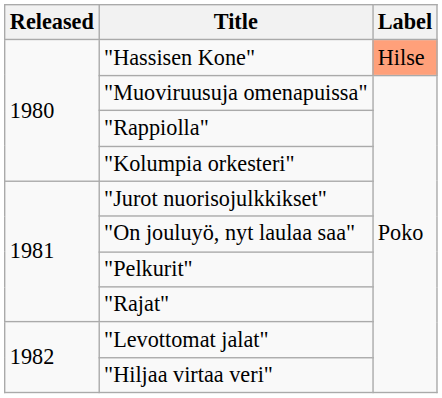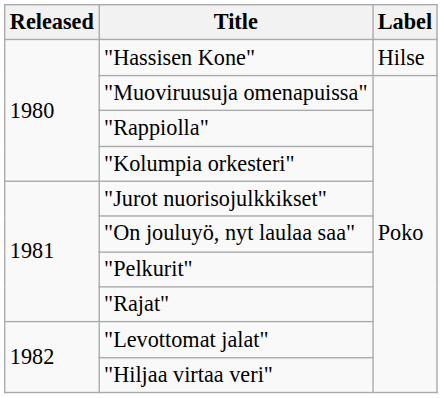 <table class="wikitable">
 <tr>
 <th>Released</th>
 <th>Title</th>
 <th>Label</th>
 </tr>
 <tr>
 <td rowspan="4">1980</td>
 <td>"Hassisen Kone"</td>
-<td style="background: lightsalmon;">Hilse</td>
+<td>Hilse</td>
 </tr>
 <tr>
 <td>"Muoviruusuja omenapuissa"</td>
 <td rowspan="9">Poko</td>
 </tr>
 <tr>
 <td>"Rappiolla"</td>
 </tr>
 <tr>
 <td>"Kolumpia orkesteri"</td>
 </tr>
 <tr>
 <td rowspan="4">1981</td>
 <td>"Jurot nuorisojulkkikset"</td>
 </tr>
 <tr>
 <td>"On jouluyö, nyt laulaa saa"</td>
 </tr>
 <tr>
 <td>"Pelkurit"</td>
 </tr>
 <tr>
 <td>"Rajat"</td>
 </tr>
 <tr>
 <td rowspan="2">1982</td>
 <td>"Levottomat jalat"</td>
 </tr>
 <tr>
 <td>"Hiljaa virtaa veri"</td>
 </tr>
 </table>
